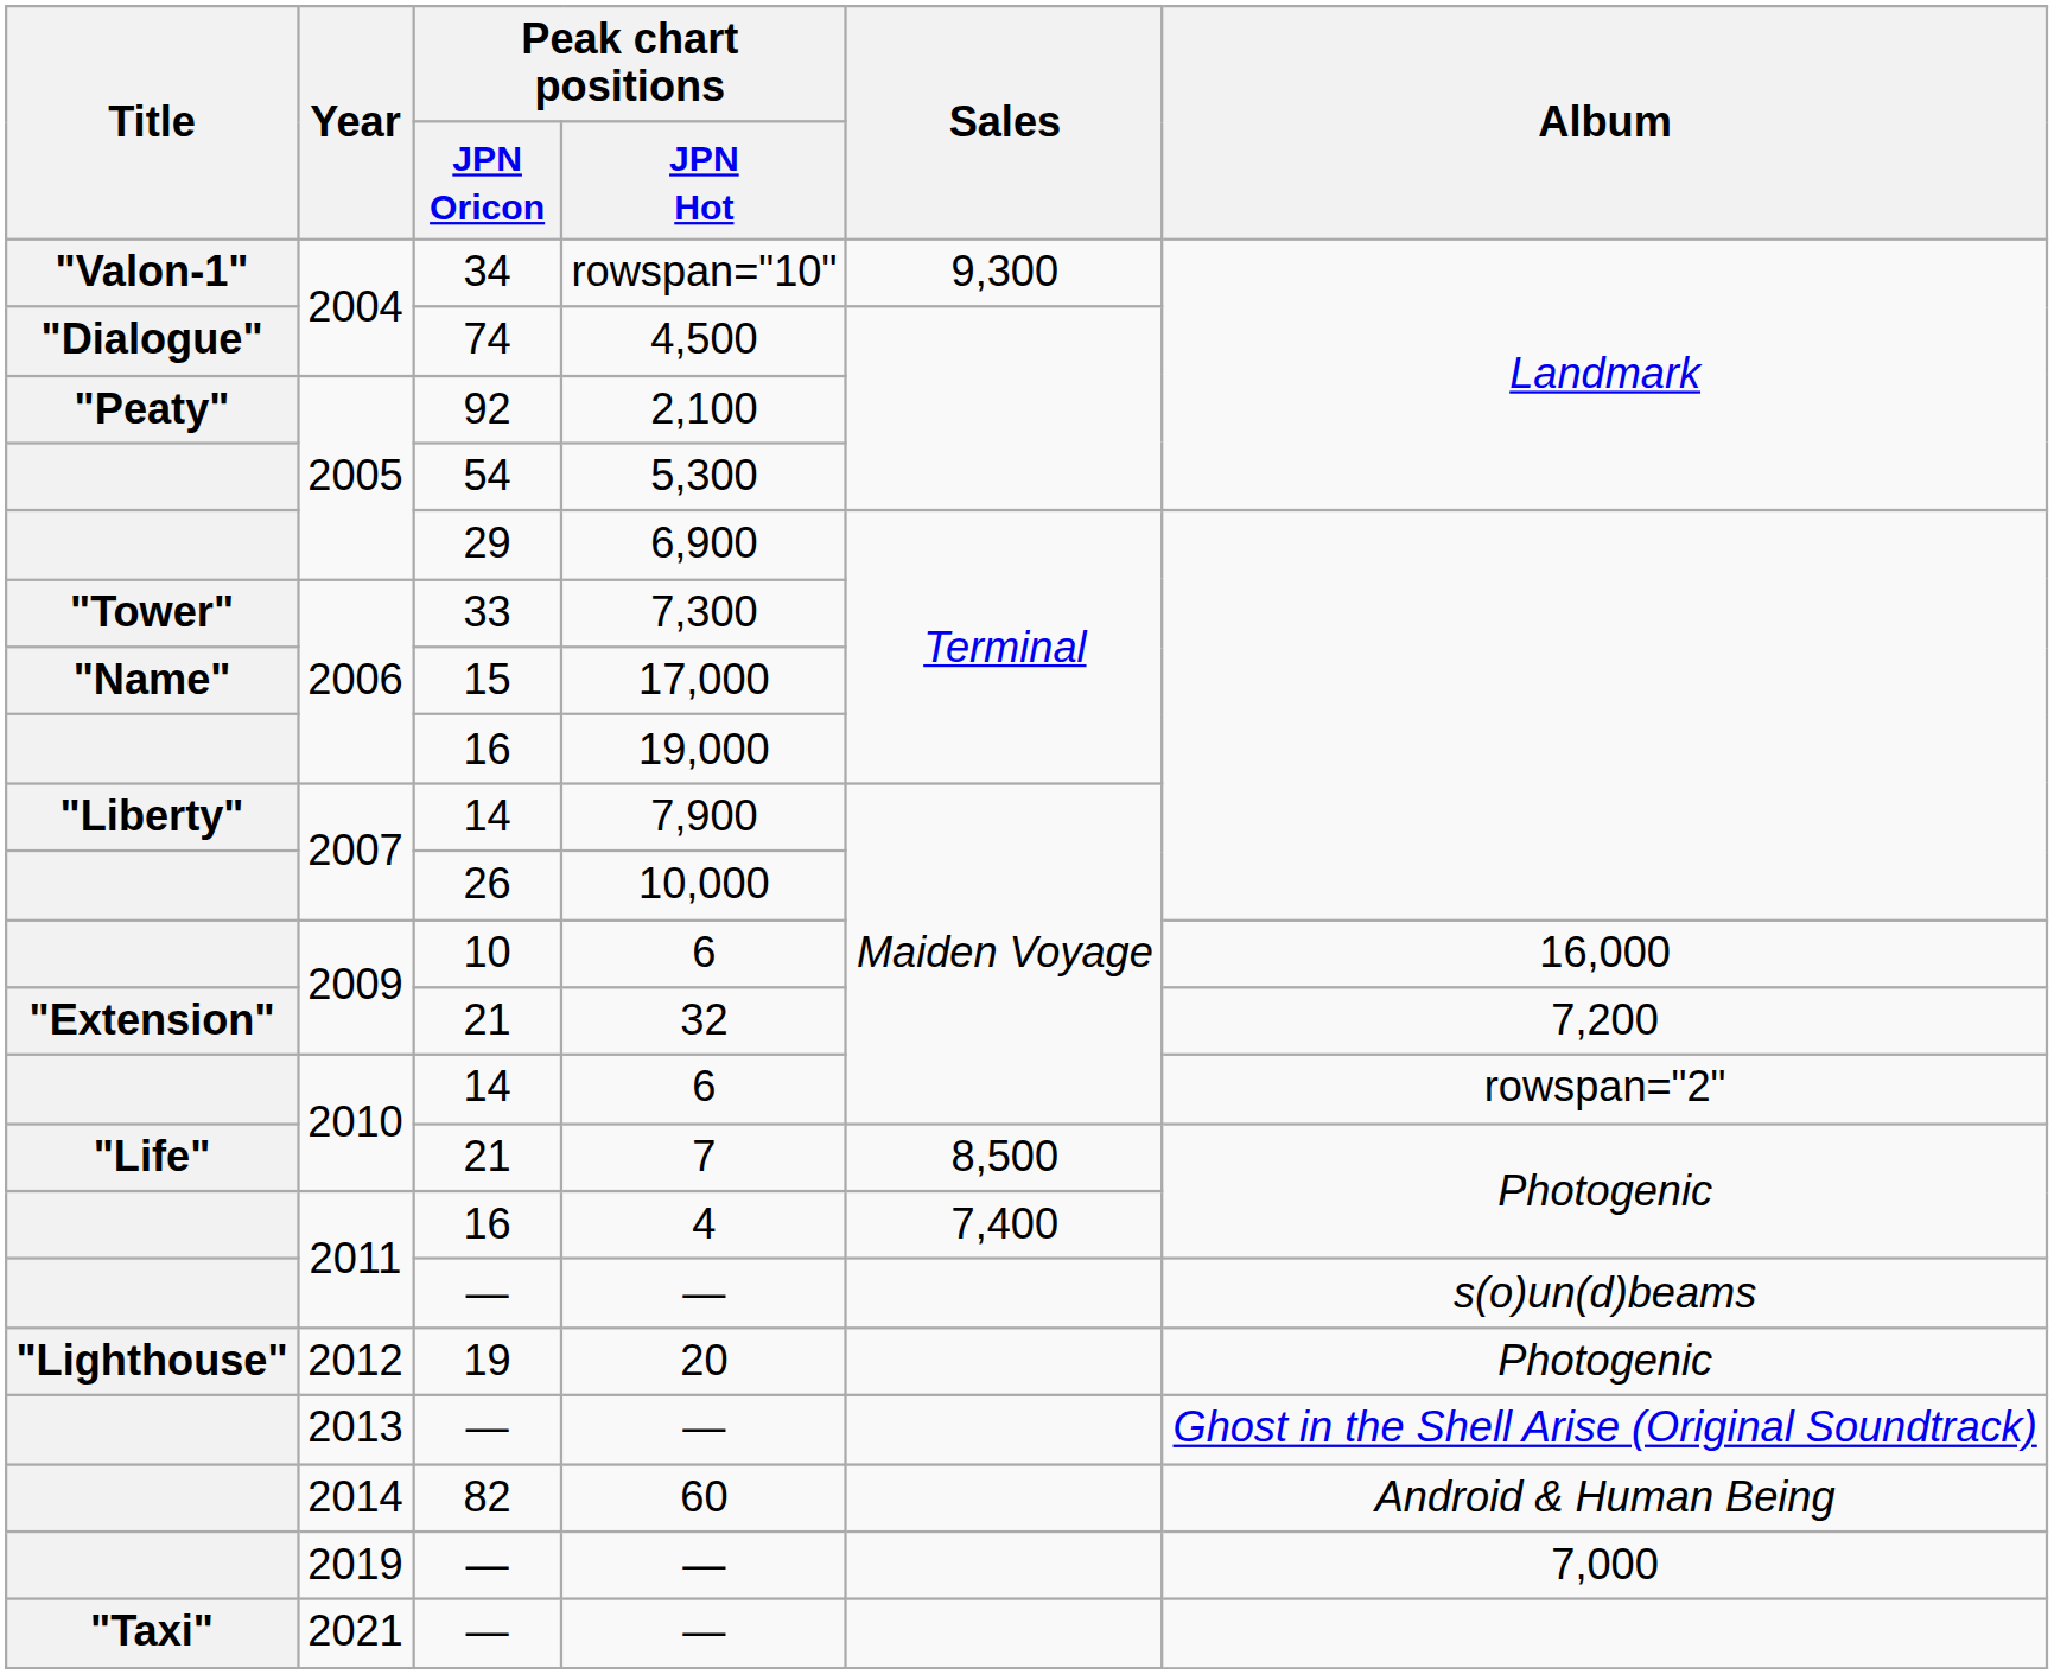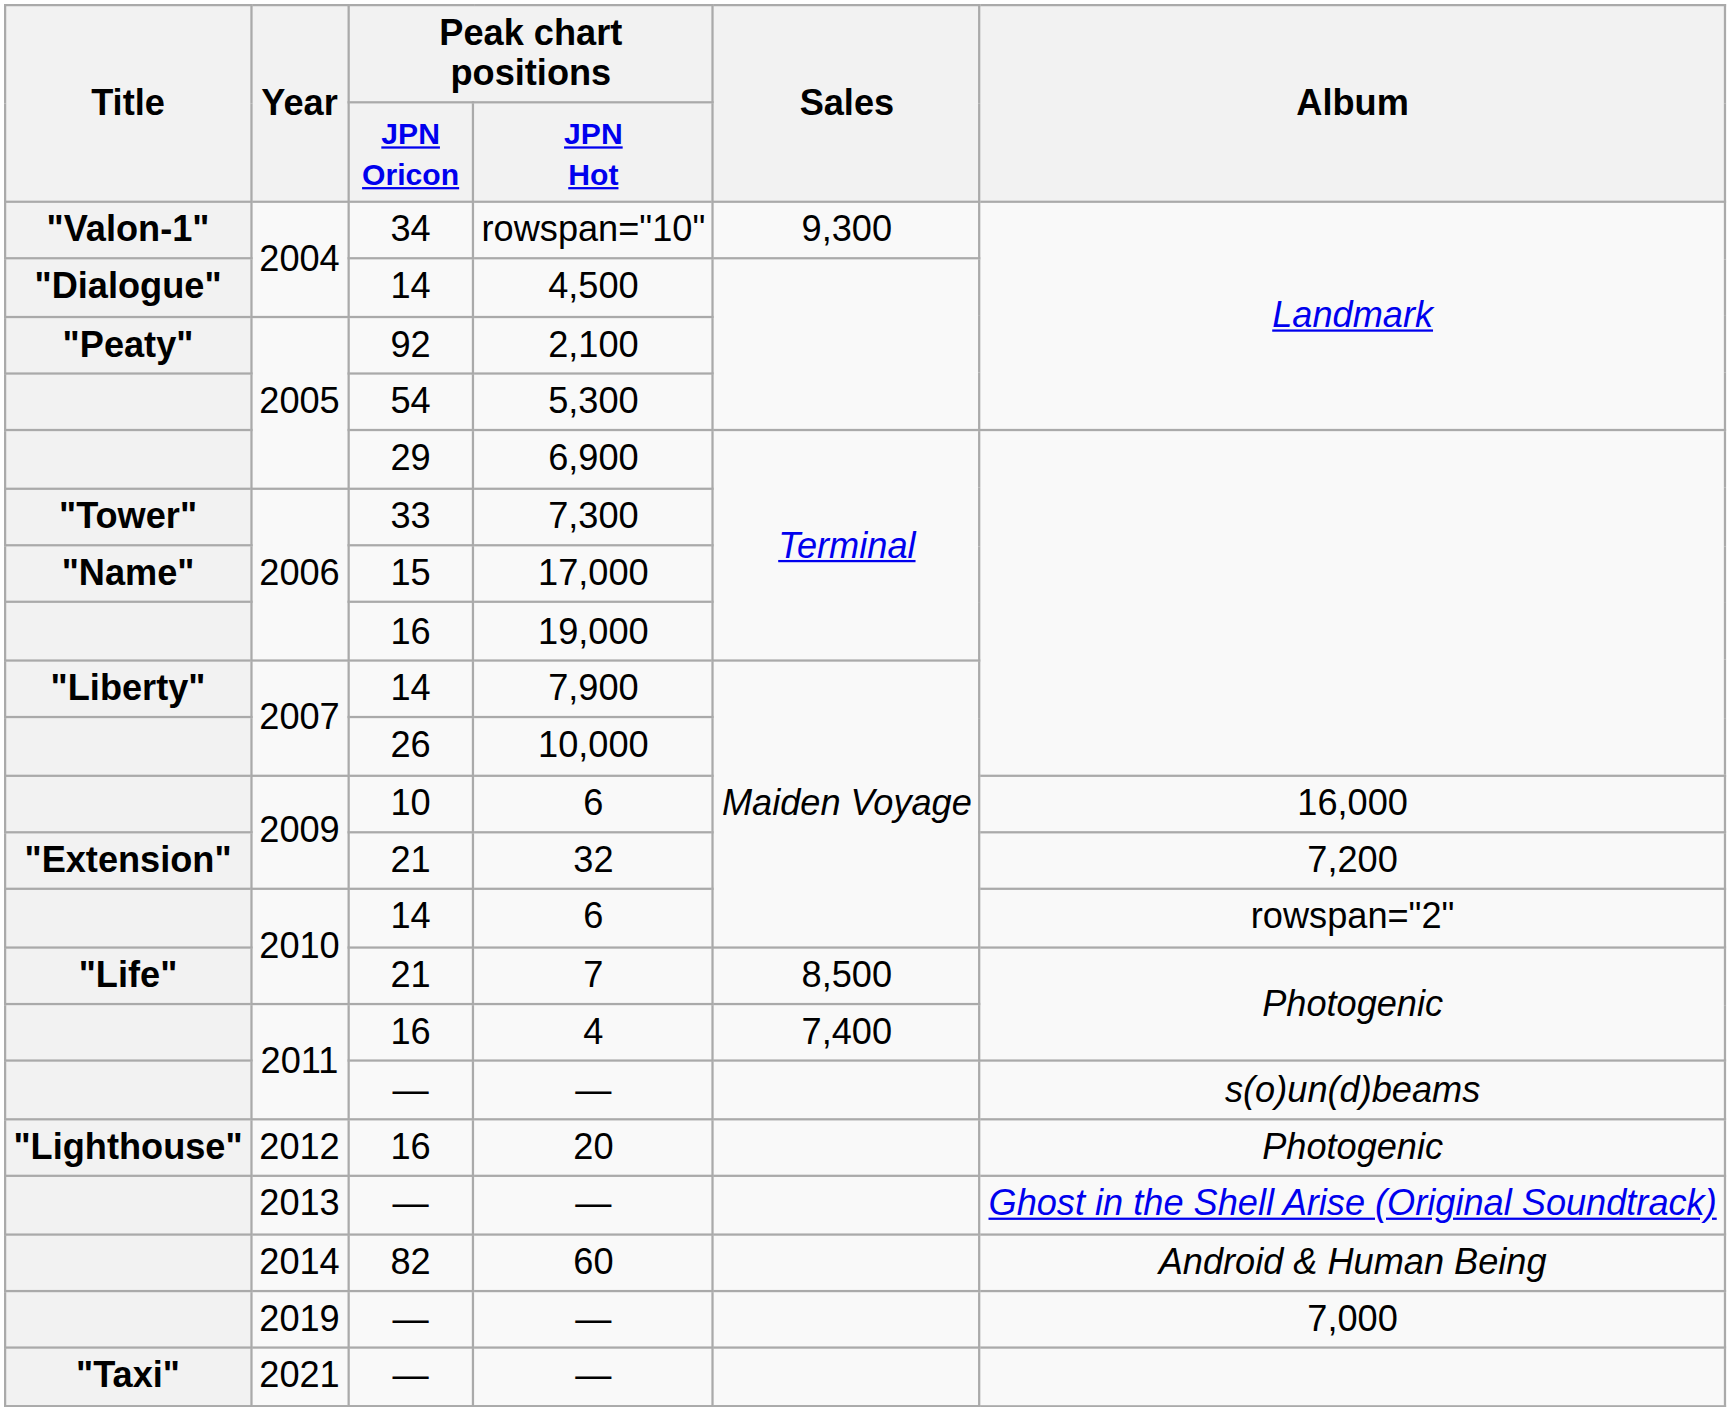 <table class="wikitable plainrowheaders" style="text-align:center;">
 <tr>
 <th rowspan="2">Title</th>
 <th rowspan="2">Year</th>
 <th colspan="2">Peak chart positions</th>
 <th rowspan="2">Sales</th>
 <th rowspan="2">Album</th>
 </tr>
 <tr>
 <th style="width:3em;"><small><a href='#'>JPN<br>Oricon</a></small><br></th>
 <th style="width:3em;"><small><a href='#'>JPN<br>Hot</a></small><br></th>
 </tr>
 <tr>
 <th scope="row">"Valon-1"</th>
 <td rowspan="2">2004</td>
 <td>34</td>
 <td>rowspan="10" </td>
 <td>9,300</td>
 <td rowspan="4"><em><a href='#'>Landmark</a></em></td>
 </tr>
 <tr>
 <th scope="row">"Dialogue"</th>
-<td>74</td>
+<td>14</td>
 <td>4,500</td>
 </tr>
 <tr>
 <th scope="row">"Peaty"</th>
 <td rowspan="3">2005</td>
 <td>92</td>
 <td>2,100</td>
 </tr>
 <tr>
 <th scope="row"></th>
 <td>54</td>
 <td>5,300</td>
 </tr>
 <tr>
 <th scope="row"></th>
 <td>29</td>
 <td>6,900</td>
 <td rowspan="4"><em><a href='#'>Terminal</a></em></td>
 </tr>
 <tr>
 <th scope="row">"Tower"</th>
 <td rowspan="3">2006</td>
 <td>33</td>
 <td>7,300</td>
 </tr>
 <tr>
 <th scope="row">"Name"</th>
 <td>15</td>
 <td>17,000</td>
 </tr>
 <tr>
 <th scope="row"></th>
 <td>16</td>
 <td>19,000</td>
 </tr>
 <tr>
 <th scope="row">"Liberty"</th>
 <td rowspan="2">2007</td>
 <td>14</td>
 <td>7,900</td>
 <td rowspan="5"><em>Maiden Voyage</em></td>
 </tr>
 <tr>
 <th scope="row"></th>
 <td>26</td>
 <td>10,000</td>
 </tr>
 <tr>
 <th scope="row"></th>
 <td rowspan="2">2009</td>
 <td>10</td>
 <td>6</td>
 <td>16,000</td>
 </tr>
 <tr>
 <th scope="row">"Extension"</th>
 <td>21</td>
 <td>32</td>
 <td>7,200</td>
 </tr>
 <tr>
 <th scope="row"></th>
 <td rowspan="2">2010</td>
 <td>14</td>
 <td>6</td>
 <td>rowspan="2" </td>
 </tr>
 <tr>
 <th scope="row">"Life"</th>
 <td>21</td>
 <td>7</td>
 <td>8,500</td>
 <td rowspan="2"><em>Photogenic</em></td>
 </tr>
 <tr>
 <th scope="row"></th>
 <td rowspan="2">2011</td>
 <td>16</td>
 <td>4</td>
 <td>7,400</td>
 </tr>
 <tr>
 <th scope="row"></th>
 <td>—</td>
 <td>—</td>
 <td></td>
 <td><em>s(o)un(d)beams</em></td>
 </tr>
 <tr>
 <th scope="row">"Lighthouse"</th>
 <td rowspan="1">2012</td>
-<td>19</td>
+<td>16</td>
 <td>20</td>
 <td></td>
 <td><em>Photogenic</em></td>
 </tr>
 <tr>
 <th scope="row"></th>
 <td rowspan="1">2013</td>
 <td>—</td>
 <td>—</td>
 <td></td>
 <td><em><a href='#'>Ghost in the Shell Arise (Original Soundtrack)</a></em></td>
 </tr>
 <tr>
 <th scope="row"></th>
 <td rowspan="1">2014</td>
 <td>82</td>
 <td>60</td>
 <td></td>
 <td><em>Android & Human Being</em></td>
 </tr>
 <tr>
 <th scope="row"></th>
 <td rowspan="1">2019</td>
 <td>—</td>
 <td>—</td>
 <td></td>
 <td>7,000</td>
 </tr>
 <tr>
 <th scope="row">"Taxi"</th>
 <td rowspan="1">2021</td>
 <td>—</td>
 <td>—</td>
 <td></td>
 </tr>
 <tr>
 </tr>
 </table>
